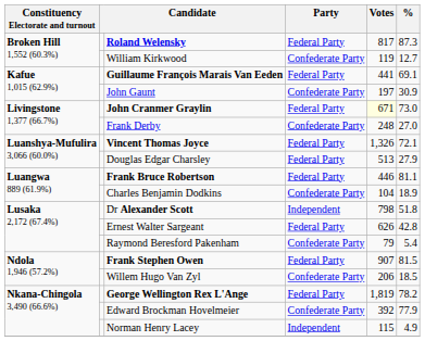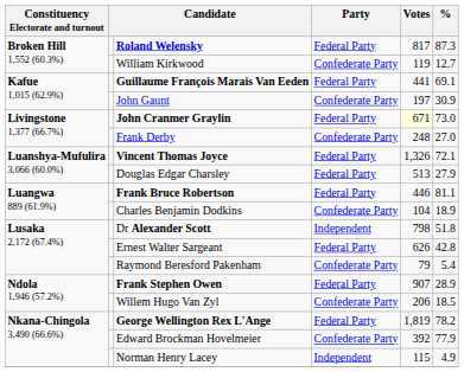 <table class=wikitable>
 <tr>
 <th align=left>Constituency<br><small>Electorate and turnout</small></th>
 <th align=center valign=top colspan=2>Candidate</th>
 <th align=center valign=top>Party</th>
 <th align=center valign=top>Votes</th>
 <th align=center valign=top>%</th>
 </tr>
 <tr>
 <td valign=top rowspan=2><strong>Broken Hill</strong><br><small>1,552 (60.3%)</small></td>
 <td style="background:"></td>
 <td align=left><strong><a href='#'>Roland Welensky</a></strong></td>
 <td align=left><a href='#'>Federal Party</a></td>
 <td align=right>817</td>
 <td align=right>87.3</td>
 </tr>
 <tr>
 <td></td>
 <td align=left>William Kirkwood</td>
 <td align=left><a href='#'>Confederate Party</a></td>
 <td align=right>119</td>
 <td align=right>12.7</td>
 </tr>
 <tr>
 <td valign=top rowspan=2><strong>Kafue</strong><br><small>1,015 (62.9%)</small></td>
 <td style="background:"></td>
 <td align=left><strong>Guillaume François Marais Van Eeden</strong></td>
 <td align=left><a href='#'>Federal Party</a></td>
 <td align=right>441</td>
 <td align=right>69.1</td>
 </tr>
 <tr>
 <td></td>
 <td align=left><a href='#'>John Gaunt</a></td>
 <td align=left><a href='#'>Confederate Party</a></td>
 <td align=right>197</td>
 <td align=right>30.9</td>
 </tr>
 <tr>
 <td valign=top rowspan=2><strong>Livingstone</strong><br><small>1,377 (66.7%)</small></td>
 <td style="background:"></td>
 <td align=left><strong>John Cranmer Graylin</strong></td>
 <td align=left><a href='#'>Federal Party</a></td>
 <td align=right style="background: lightyellow;">671</td>
 <td align=right>73.0</td>
 </tr>
 <tr>
 <td></td>
 <td align=left><a href='#'>Frank Derby</a></td>
 <td align=left><a href='#'>Confederate Party</a></td>
 <td align=right>248</td>
 <td align=right>27.0</td>
 </tr>
 <tr>
 <td valign=top rowspan=2><strong>Luanshya-Mufulira</strong><br><small>3,066 (60.0%)</small></td>
 <td style="background:"></td>
 <td align=left><strong>Vincent Thomas Joyce</strong></td>
 <td align=left><a href='#'>Federal Party</a></td>
 <td align=right>1,326</td>
 <td align=right>72.1</td>
 </tr>
 <tr>
 <td></td>
 <td align=left>Douglas Edgar Charsley</td>
 <td align=left><a href='#'>Federal Party</a></td>
 <td align=right>513</td>
 <td align=right>27.9</td>
 </tr>
 <tr>
 <td valign=top rowspan=2><strong>Luangwa</strong><br><small>889 (61.9%)</small></td>
 <td style="background:"></td>
 <td align=left><strong>Frank Bruce Robertson</strong></td>
 <td align=left><a href='#'>Federal Party</a></td>
 <td align=right>446</td>
 <td align=right>81.1</td>
 </tr>
 <tr>
 <td></td>
 <td align=left>Charles Benjamin Dodkins</td>
 <td align=left><a href='#'>Confederate Party</a></td>
 <td align=right>104</td>
 <td align=right>18.9</td>
 </tr>
 <tr>
 <td valign=top rowspan=3><strong>Lusaka</strong><br><small>2,172 (67.4%)</small></td>
 <td style="background:"></td>
 <td align=left>Dr <strong>Alexander Scott</strong></td>
 <td align=left><a href='#'>Independent</a></td>
 <td align=right>798</td>
 <td align=right>51.8</td>
 </tr>
 <tr>
 <td style="background:"></td>
 <td align="left">Ernest Walter Sargeant</td>
 <td align=left><a href='#'>Federal Party</a></td>
 <td align="right">626</td>
 <td align="right">42.8</td>
 </tr>
 <tr>
 <td></td>
 <td align=left>Raymond Beresford Pakenham</td>
 <td align=left><a href='#'>Confederate Party</a></td>
 <td align=right>79</td>
 <td align=right>5.4</td>
 </tr>
 <tr>
 <td valign=top rowspan=2><strong>Ndola</strong><br><small>1,946 (57.2%)</small></td>
 <td style="background:"></td>
 <td align=left><strong>Frank Stephen Owen</strong></td>
 <td align=left><a href='#'>Federal Party</a></td>
 <td align=right>907</td>
-<td align=right>81.5</td>
+<td align=right>28.9</td>
 </tr>
 <tr>
 <td></td>
 <td align=left>Willem Hugo Van Zyl</td>
 <td align=left><a href='#'>Confederate Party</a></td>
 <td align=right>206</td>
 <td align=right>18.5</td>
 </tr>
 <tr>
 <td valign=top rowspan=3><strong>Nkana-Chingola</strong><br><small>3,490 (66.6%)</small></td>
 <td style="background:"></td>
 <td align=left><strong>George Wellington Rex L'Ange</strong></td>
 <td align=left><a href='#'>Federal Party</a></td>
 <td align=right>1,819</td>
 <td align=right>78.2</td>
 </tr>
 <tr>
 <td></td>
 <td align=left>Edward Brockman Hovelmeier</td>
 <td align=left><a href='#'>Confederate Party</a></td>
 <td align=right>392</td>
 <td align=right>77.9</td>
 </tr>
 <tr>
 <td style="background:"></td>
 <td align=left>Norman Henry Lacey</td>
 <td align=left><a href='#'>Independent</a></td>
 <td align=right>115</td>
 <td align=right>4.9</td>
 </tr>
 <tr>
 </tr>
 </table>
